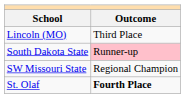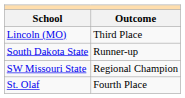 <table class="wikitable" style="float:left; margin-right:1em;">
 <tr>
 <th colspan="3" style="background:#ffdead;"></th>
 </tr>
 <tr>
 <th>School</th>
 <th>Outcome</th>
 </tr>
 <tr>
 <td><a href='#'>Lincoln (MO)</a></td>
 <td>Third Place</td>
 </tr>
 <tr>
 <td><a href='#'>South Dakota State</a></td>
-<td style="background: pink;">Runner-up</td>
+<td>Runner-up</td>
 </tr>
 <tr>
 <td><a href='#'>SW Missouri State</a></td>
 <td>Regional Champion</td>
 </tr>
 <tr>
 <td><a href='#'>St. Olaf</a></td>
-<td><strong>Fourth Place</strong></td>
+<td>Fourth Place</td>
 </tr>
 </table>
